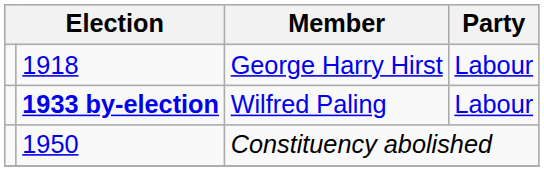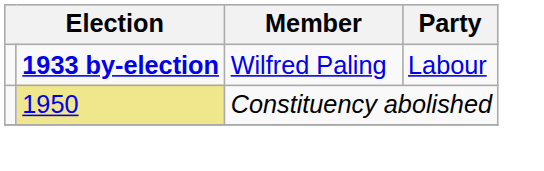 <table class="wikitable">
 <tr>
 <th colspan="2">Election</th>
 <th>Member</th>
 <th>Party</th>
-</tr>
-<tr>
-<td style="color:inherit;background-color: "></td>
-<td><a href='#'>1918</a></td>
-<td><a href='#'>George Harry Hirst</a></td>
-<td><a href='#'>Labour</a></td>
 </tr>
 <tr>
 <td style="color:inherit;background-color: "></td>
 <td><strong><a href='#'>1933 by-election</a></strong></td>
 <td><a href='#'>Wilfred Paling</a></td>
 <td><a href='#'>Labour</a></td>
 </tr>
 <tr>
 <td></td>
-<td><a href='#'>1950</a></td>
+<td style="background: khaki;"><a href='#'>1950</a></td>
 <td colspan="2"><em>Constituency abolished</em></td>
 </tr>
 <tr>
 </tr>
 </table>
